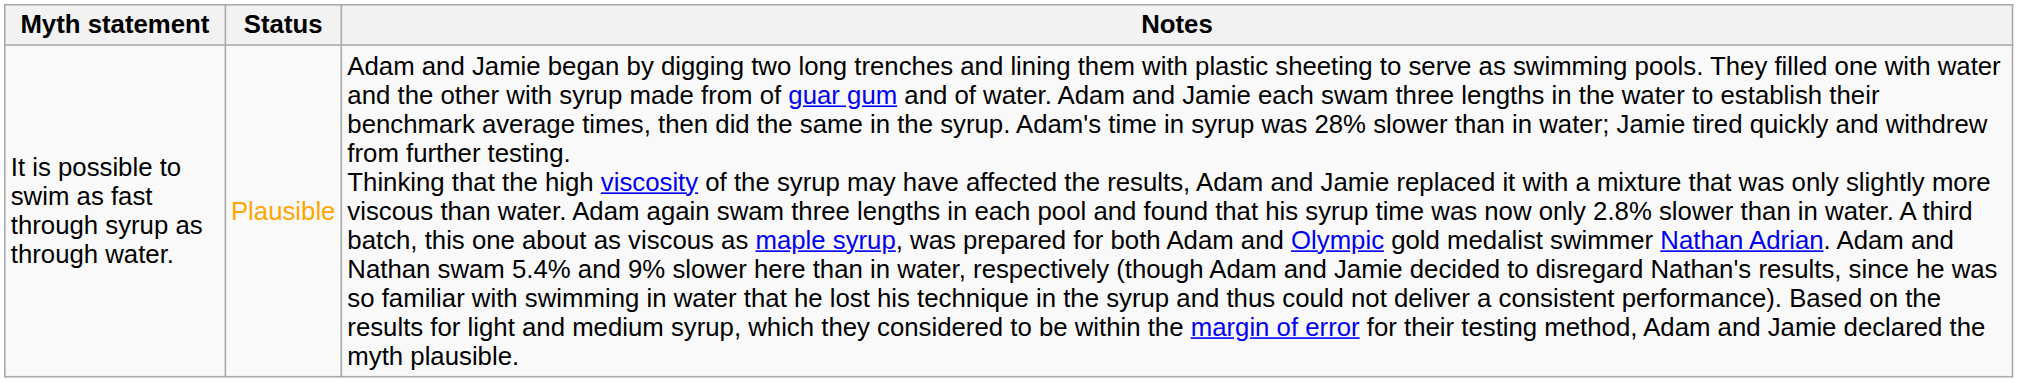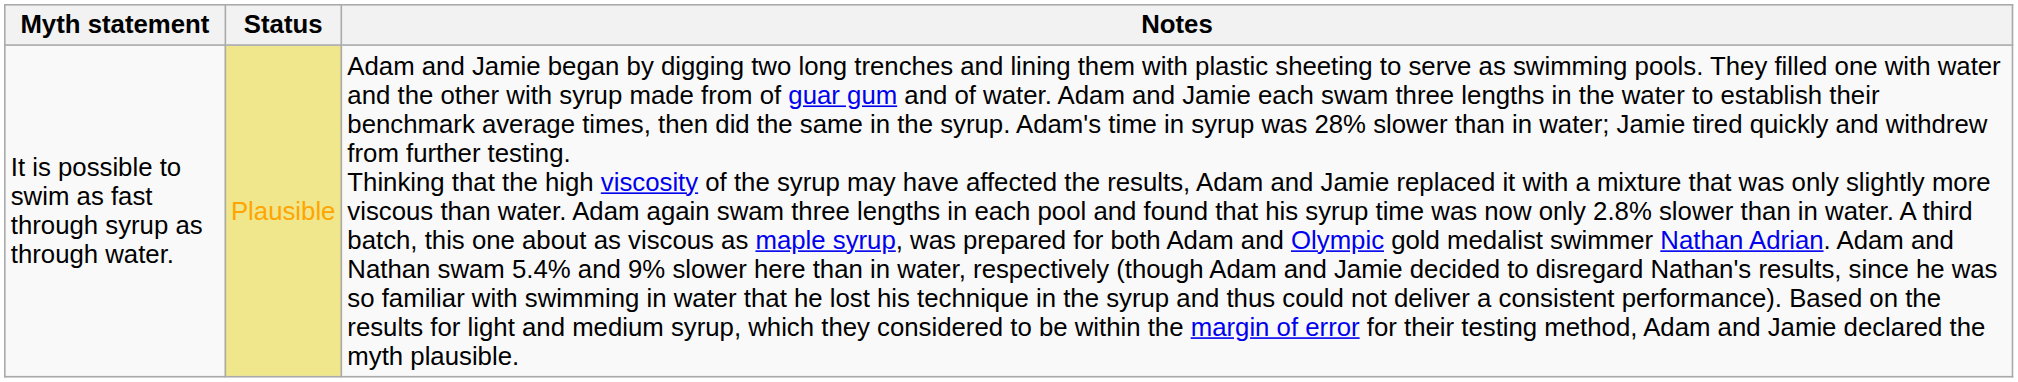 <table class="wikitable plainrowheaders">
 <tr>
 <th>Myth statement</th>
 <th>Status</th>
 <th>Notes</th>
 </tr>
 <tr>
 <td>It is possible to swim as fast through syrup as through water.</td>
-<td style="color:orange">Plausible</td>
+<td style="background: khaki; color:orange">Plausible</td>
 <td>Adam and Jamie began by digging two long trenches and lining them with plastic sheeting to serve as swimming pools. They filled one with water and the other with syrup made from  of <a href='#'>guar gum</a> and  of water. Adam and Jamie each swam three lengths in the water to establish their benchmark average times, then did the same in the syrup. Adam's time in syrup was 28% slower than in water; Jamie tired quickly and withdrew from further testing.<br>Thinking that the high <a href='#'>viscosity</a> of the syrup may have affected the results, Adam and Jamie replaced it with a mixture that was only slightly more viscous than water. Adam again swam three lengths in each pool and found that his syrup time was now only 2.8% slower than in water. A third batch, this one about as viscous as <a href='#'>maple syrup</a>, was prepared for both Adam and <a href='#'>Olympic</a> gold medalist swimmer <a href='#'>Nathan Adrian</a>. Adam and Nathan swam 5.4% and 9% slower here than in water, respectively (though Adam and Jamie decided to disregard Nathan's results, since he was so familiar with swimming in water that he lost his technique in the syrup and thus could not deliver a consistent performance). Based on the results for light and medium syrup, which they considered to be within the <a href='#'>margin of error</a> for their testing method, Adam and Jamie declared the myth plausible.</td>
 </tr>
 </table>
